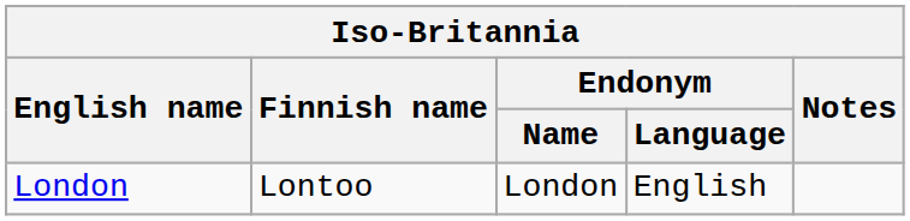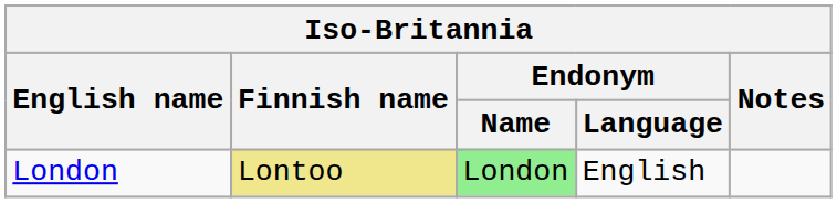 <table class="wikitable sortable">
 <tr>
 <th colspan="5"> Iso-Britannia</th>
 </tr>
 <tr>
 <th rowspan="2">English name</th>
 <th rowspan="2">Finnish name</th>
 <th colspan="2">Endonym</th>
 <th rowspan="2">Notes</th>
 </tr>
 <tr>
 <th>Name</th>
 <th>Language</th>
 </tr>
 <tr>
 <td><a href='#'>London</a></td>
-<td>Lontoo</td>
-<td>London</td>
+<td style="background: khaki;">Lontoo</td>
+<td style="background: lightgreen;">London</td>
 <td>English</td>
 <td></td>
 </tr>
 </table>
